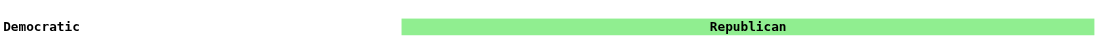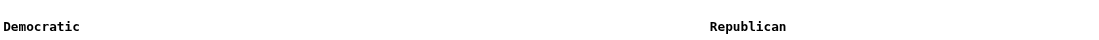 <table style="text-align:center">
 <tr style="width:100%; color:white">
 <td style="background:"><strong>192</strong></td>
 <td style="background:">3</td>
 <td style="background:"><strong>240</strong></td>
 </tr>
 <tr style="width:100%">
 <td style="color:"><strong>Democratic</strong></td>
 <td style="width:0.69%"></td>
-<td style="background: lightgreen; color:"><strong>Republican</strong></td>
+<td style="color:"><strong>Republican</strong></td>
 </tr>
 </table>
